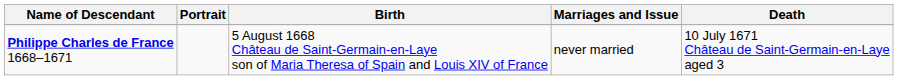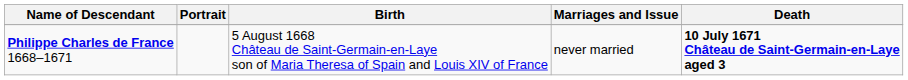 <table class="wikitable">
 <tr ->
 <th>Name of Descendant</th>
 <th>Portrait</th>
 <th>Birth</th>
 <th>Marriages and Issue</th>
 <th>Death</th>
 </tr>
 <tr ->
 </tr>
 <tr>
 <td><strong><a href='#'>Philippe Charles de France</a></strong><br>1668–1671</td>
 <td></td>
 <td>5 August 1668<br><a href='#'>Château de Saint-Germain-en-Laye</a><br>son of <a href='#'>Maria Theresa of Spain</a> and <a href='#'>Louis XIV of France</a></td>
 <td>never married</td>
-<td>10 July 1671<br><a href='#'>Château de Saint-Germain-en-Laye</a><br>aged 3</td>
+<td><strong>10 July 1671<br><a href='#'>Château de Saint-Germain-en-Laye</a><br>aged 3</strong></td>
 </tr>
 </table>
